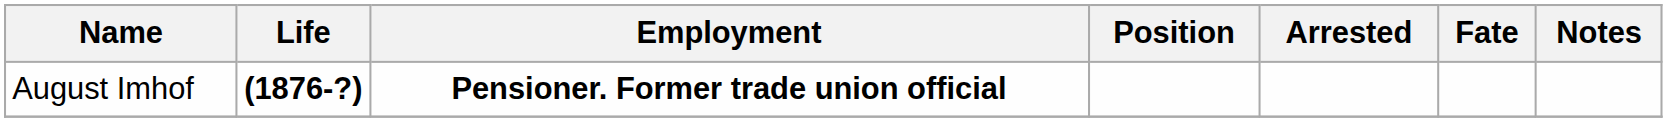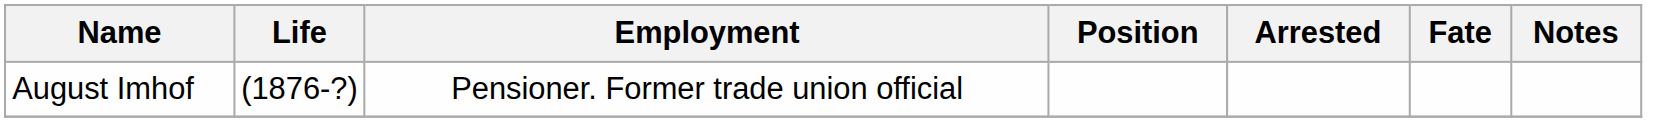 <table class="wikitable sortable" style="table-layout:fixed;background-color:#FEFEFE;font-size:95%;padding:0.30em;line-height:1.35em;">
 <tr>
 <th scope="col"  width=14%>Name</th>
 <th scope="col"  width=8%>Life</th>
 <th scope="col">Employment</th>
 <th scope="col">Position</th>
 <th scope="col">Arrested</th>
 <th scope="col">Fate</th>
 <th scope="col">Notes</th>
 </tr>
 <tr>
 <td>August Imhof</td>
-<td style="text-align: center;"><strong>(1876-?)</strong></td>
-<td style="text-align: center;"><strong>Pensioner. Former trade union official</strong></td>
+<td style="text-align: center;">(1876-?)</td>
+<td style="text-align: center;">Pensioner. Former trade union official</td>
 <td style="text-align: center;"></td>
 <td style="text-align: center;"></td>
 <td style="text-align: center;"></td>
 <td style="text-align: center;"></td>
 </tr>
 <tr>
 </tr>
 </table>
